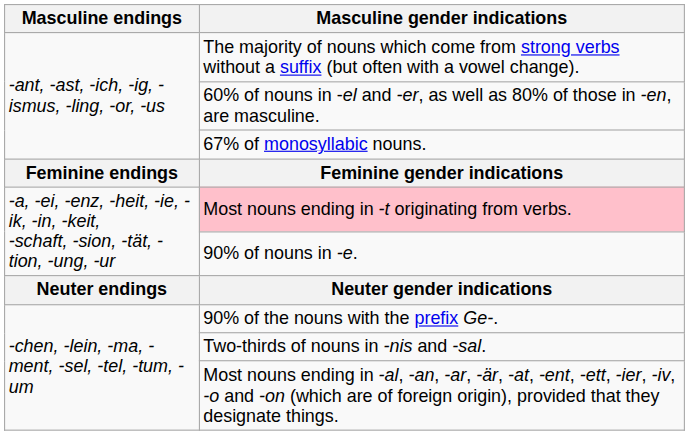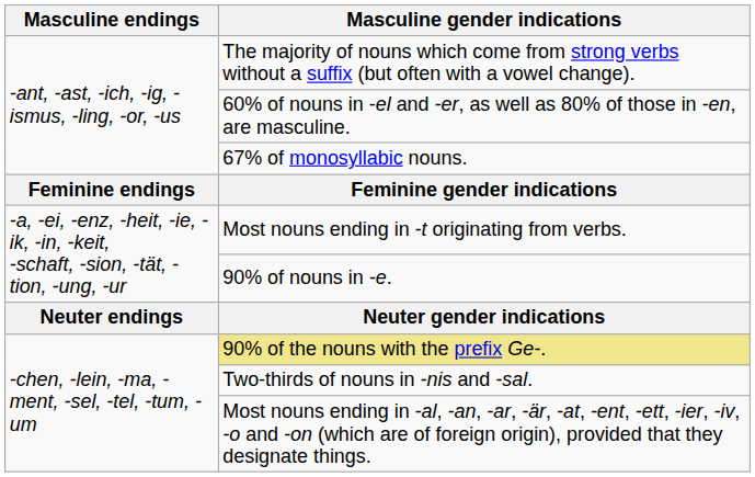 <table class="wikitable">
 <tr>
 <th>Masculine endings</th>
 <th>Masculine gender indications</th>
 </tr>
 <tr>
 <td rowspan="3"><em>-ant, -ast, -ich, -ig, -ismus, -ling, -or, -us</em></td>
 <td>The majority of nouns which come from <a href='#'>strong verbs</a> without a <a href='#'>suffix</a> (but often with a vowel change).</td>
 </tr>
 <tr>
 <td>60% of nouns in -<em>el</em> and <em>-er</em>, as well as 80% of those in <em>-en</em>, are masculine.</td>
 </tr>
 <tr>
 <td>67% of <a href='#'>monosyllabic</a> nouns.</td>
 </tr>
 <tr>
 <th>Feminine endings</th>
 <th>Feminine gender indications</th>
 </tr>
 <tr>
 <td rowspan="2"><em>-a, -ei, -enz, -heit,</em> <em>-ie,</em> <em>-ik,</em> <em>-in,</em> <em>-keit,</em><br><em>-schaft, -sion,</em> <em>-tät, -tion,</em> <em>-ung,</em> <em>-ur</em></td>
-<td style="background: pink;">Most nouns ending in <em>-t</em> originating from verbs.</td>
+<td>Most nouns ending in <em>-t</em> originating from verbs.</td>
 </tr>
 <tr>
 <td>90% of nouns in <em>-e</em>.</td>
 </tr>
 <tr>
 <th>Neuter endings</th>
 <th>Neuter gender indications</th>
 </tr>
 <tr>
 <td rowspan="3"><em>-chen,</em> <em>-lein,</em> <em>-ma, -ment, -sel, -tel, -tum, -um</em></td>
-<td>90% of the nouns with the <a href='#'>prefix</a> <em>Ge-</em>.</td>
+<td style="background: khaki;">90% of the nouns with the <a href='#'>prefix</a> <em>Ge-</em>.</td>
 </tr>
 <tr>
 <td>Two-thirds of nouns in <em>-nis</em> and <em>-sal</em>.</td>
 </tr>
 <tr>
 <td>Most nouns ending in <em>-al</em>, <em>-an</em>, <em>-ar</em>, <em>-är</em>, <em>-at</em>, <em>-ent</em>, <em>-ett</em>, <em>-ier</em>, <em>-iv</em>, <em>-o</em> and <em>-on</em> (which are of foreign origin), provided that they designate things.</td>
 </tr>
 </table>
